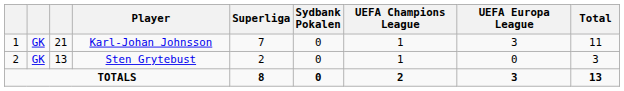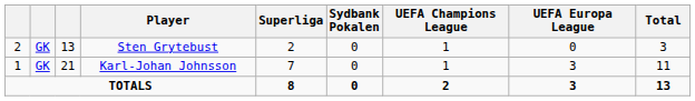 <table class="wikitable sortable" style="font-size: 95%; text-align: center;">
 <tr>
 <th width=20></th>
 <th width=20></th>
 <th width=20></th>
 <th width=175>Player</th>
 <th width=50>Superliga</th>
 <th width=50>Sydbank Pokalen</th>
 <th width=125>UEFA Champions League</th>
 <th width=125>UEFA Europa League</th>
 <th width=50>Total</th>
 </tr>
 <tr>
+<td rowspan=1>2</td>
+<td><a href='#'>GK</a></td>
+<td>13</td>
+<td> <a href='#'>Sten Grytebust</a></td>
+<td>2</td>
+<td>0</td>
+<td>1</td>
+<td>0</td>
+<td>3</td>
+</tr>
+<tr>
 <td rowspan=1>1</td>
 <td><a href='#'>GK</a></td>
 <td>21</td>
 <td> <a href='#'>Karl-Johan Johnsson</a></td>
 <td>7</td>
 <td>0</td>
 <td>1</td>
 <td>3</td>
 <td>11</td>
 </tr>
 <tr>
-<td rowspan=1>2</td>
-<td><a href='#'>GK</a></td>
-<td>13</td>
-<td> <a href='#'>Sten Grytebust</a></td>
-<td>2</td>
-<td>0</td>
-<td>1</td>
-<td>0</td>
-<td>3</td>
-</tr>
-<tr>
 <td colspan="4"><strong>TOTALS</strong></td>
 <td><strong>8</strong></td>
 <td><strong>0</strong></td>
 <td><strong>2</strong></td>
 <td><strong>3</strong></td>
 <td><strong>13</strong></td>
 </tr>
 </table>
